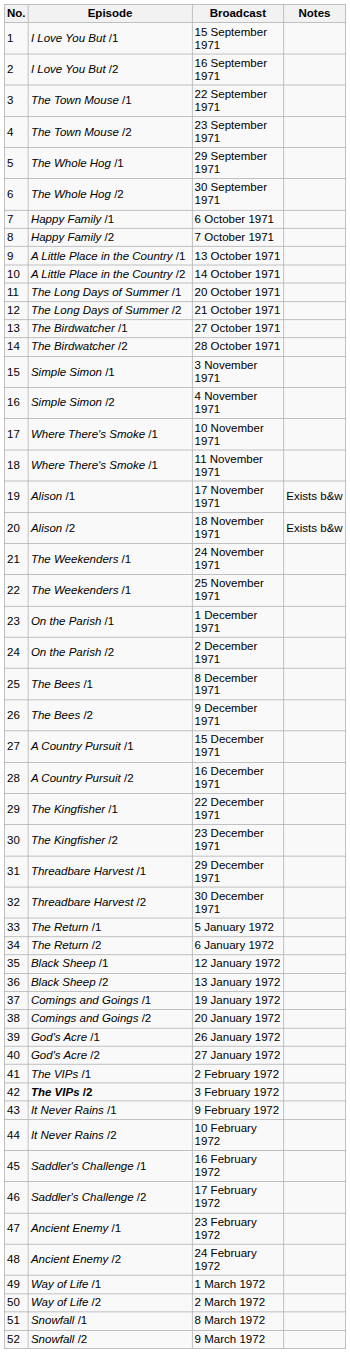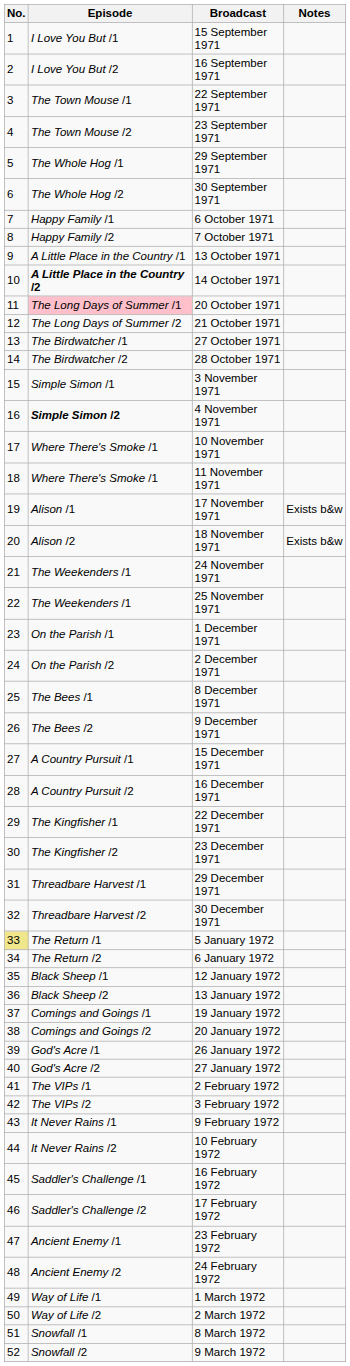 <table class="wikitable sortable">
 <tr>
 <th scope="col">No.</th>
 <th scope="col" style="width:220px;">Episode</th>
 <th scope="col" style="width:120px;">Broadcast</th>
 <th scope="col">Notes</th>
 </tr>
 <tr>
 <td>1</td>
 <td><em>I Love You But</em> /1</td>
 <td>15 September 1971</td>
 <td></td>
 </tr>
 <tr>
 <td>2</td>
 <td><em>I Love You But</em> /2</td>
 <td>16 September 1971</td>
 <td></td>
 </tr>
 <tr>
 <td>3</td>
 <td><em>The Town Mouse</em> /1</td>
 <td>22 September 1971</td>
 <td></td>
 </tr>
 <tr>
 <td>4</td>
 <td><em>The Town Mouse</em> /2</td>
 <td>23 September 1971</td>
 <td></td>
 </tr>
 <tr>
 <td>5</td>
 <td><em>The Whole Hog</em> /1</td>
 <td>29 September 1971</td>
 <td></td>
 </tr>
 <tr>
 <td>6</td>
 <td><em>The Whole Hog</em> /2</td>
 <td>30 September 1971</td>
 <td></td>
 </tr>
 <tr>
 <td>7</td>
 <td><em>Happy Family</em> /1</td>
 <td>6 October 1971</td>
 <td></td>
 </tr>
 <tr>
 <td>8</td>
 <td><em>Happy Family</em> /2</td>
 <td>7 October 1971</td>
 <td></td>
 </tr>
 <tr>
 <td>9</td>
 <td><em>A Little Place in the Country</em> /1</td>
 <td>13 October 1971</td>
 <td></td>
 </tr>
 <tr>
 <td>10</td>
-<td><em>A Little Place in the Country</em> /2</td>
+<td><strong><em>A Little Place in the Country</em> /2</strong></td>
 <td>14 October 1971</td>
 <td></td>
 </tr>
 <tr>
 <td>11</td>
-<td><em>The Long Days of Summer</em> /1</td>
+<td style="background: pink;"><em>The Long Days of Summer</em> /1</td>
 <td>20 October 1971</td>
 <td></td>
 </tr>
 <tr>
 <td>12</td>
 <td><em>The Long Days of Summer</em> /2</td>
 <td>21 October 1971</td>
 <td></td>
 </tr>
 <tr>
 <td>13</td>
 <td><em>The Birdwatcher</em> /1</td>
 <td>27 October 1971</td>
 <td></td>
 </tr>
 <tr>
 <td>14</td>
 <td><em>The Birdwatcher</em> /2</td>
 <td>28 October 1971</td>
 <td></td>
 </tr>
 <tr>
 <td>15</td>
 <td><em>Simple Simon</em> /1</td>
 <td>3 November 1971</td>
 <td></td>
 </tr>
 <tr>
 <td>16</td>
-<td><em>Simple Simon</em> /2</td>
+<td><strong><em>Simple Simon</em> /2</strong></td>
 <td>4 November 1971</td>
 <td></td>
 </tr>
 <tr>
 <td>17</td>
 <td><em>Where There's Smoke</em> /1</td>
 <td>10 November 1971</td>
 <td></td>
 </tr>
 <tr>
 <td>18</td>
 <td><em>Where There's Smoke</em> /1</td>
 <td>11 November 1971</td>
 <td></td>
 </tr>
 <tr>
 <td>19</td>
 <td><em>Alison</em> /1</td>
 <td>17 November 1971</td>
 <td>Exists b&w</td>
 </tr>
 <tr>
 <td>20</td>
 <td><em>Alison</em> /2</td>
 <td>18 November 1971</td>
 <td>Exists b&w</td>
 </tr>
 <tr>
 <td>21</td>
 <td><em>The Weekenders</em> /1</td>
 <td>24 November 1971</td>
 <td></td>
 </tr>
 <tr>
 <td>22</td>
 <td><em>The Weekenders</em> /1</td>
 <td>25 November 1971</td>
 <td></td>
 </tr>
 <tr>
 <td>23</td>
 <td><em>On the Parish</em> /1</td>
 <td>1 December 1971</td>
 <td></td>
 </tr>
 <tr>
 <td>24</td>
 <td><em>On the Parish</em> /2</td>
 <td>2 December 1971</td>
 <td></td>
 </tr>
 <tr>
 <td>25</td>
 <td><em>The Bees</em> /1</td>
 <td>8 December 1971</td>
 <td></td>
 </tr>
 <tr>
 <td>26</td>
 <td><em>The Bees</em> /2</td>
 <td>9 December 1971</td>
 <td></td>
 </tr>
 <tr>
 <td>27</td>
 <td><em>A Country Pursuit</em> /1</td>
 <td>15 December 1971</td>
 <td></td>
 </tr>
 <tr>
 <td>28</td>
 <td><em>A Country Pursuit</em> /2</td>
 <td>16 December 1971</td>
 <td></td>
 </tr>
 <tr>
 <td>29</td>
 <td><em>The Kingfisher</em> /1</td>
 <td>22  December 1971</td>
 <td></td>
 </tr>
 <tr>
 <td>30</td>
 <td><em>The Kingfisher</em> /2</td>
 <td>23 December 1971</td>
 <td></td>
 </tr>
 <tr>
 <td>31</td>
 <td><em>Threadbare Harvest</em> /1</td>
 <td>29 December 1971</td>
 <td></td>
 </tr>
 <tr>
 <td>32</td>
 <td><em>Threadbare Harvest</em> /2</td>
 <td>30 December 1971</td>
 <td></td>
 </tr>
 <tr>
-<td>33</td>
+<td style="background: khaki;">33</td>
 <td><em>The Return</em> /1</td>
 <td>5 January 1972</td>
 <td></td>
 </tr>
 <tr>
 <td>34</td>
 <td><em>The Return</em> /2</td>
 <td>6 January 1972</td>
 <td></td>
 </tr>
 <tr>
 <td>35</td>
 <td><em>Black Sheep</em> /1</td>
 <td>12 January 1972</td>
 <td></td>
 </tr>
 <tr>
 <td>36</td>
 <td><em>Black Sheep</em> /2</td>
 <td>13 January 1972</td>
 <td></td>
 </tr>
 <tr>
 <td>37</td>
 <td><em>Comings and Goings</em> /1</td>
 <td>19 January 1972</td>
 <td></td>
 </tr>
 <tr>
 <td>38</td>
 <td><em>Comings and Goings</em> /2</td>
 <td>20 January 1972</td>
 <td></td>
 </tr>
 <tr>
 <td>39</td>
 <td><em>God's Acre</em> /1</td>
 <td>26 January 1972</td>
 <td></td>
 </tr>
 <tr>
 <td>40</td>
 <td><em>God's Acre</em> /2</td>
 <td>27 January 1972</td>
 <td></td>
 </tr>
 <tr>
 <td>41</td>
 <td><em>The VIPs</em> /1</td>
 <td>2 February 1972</td>
 <td></td>
 </tr>
 <tr>
 <td>42</td>
-<td><strong><em>The VIPs</em> /2</strong></td>
+<td><em>The VIPs</em> /2</td>
 <td>3 February 1972</td>
 <td></td>
 </tr>
 <tr>
 <td>43</td>
 <td><em>It Never Rains</em> /1</td>
 <td>9 February 1972</td>
 <td></td>
 </tr>
 <tr>
 <td>44</td>
 <td><em>It Never Rains</em> /2</td>
 <td>10 February 1972</td>
 <td></td>
 </tr>
 <tr>
 <td>45</td>
 <td><em>Saddler's Challenge</em> /1</td>
 <td>16 February 1972</td>
 <td></td>
 </tr>
 <tr>
 <td>46</td>
 <td><em>Saddler's Challenge</em> /2</td>
 <td>17 February 1972</td>
 <td></td>
 </tr>
 <tr>
 <td>47</td>
 <td><em>Ancient Enemy</em> /1</td>
 <td>23 February 1972</td>
 <td></td>
 </tr>
 <tr>
 <td>48</td>
 <td><em>Ancient Enemy</em> /2</td>
 <td>24 February 1972</td>
 <td></td>
 </tr>
 <tr>
 <td>49</td>
 <td><em>Way of Life</em> /1</td>
 <td>1 March 1972</td>
 <td></td>
 </tr>
 <tr>
 <td>50</td>
 <td><em>Way of Life</em> /2</td>
 <td>2 March 1972</td>
 <td></td>
 </tr>
 <tr>
 <td>51</td>
 <td><em>Snowfall</em> /1</td>
 <td>8 March 1972</td>
 <td></td>
 </tr>
 <tr>
 <td>52</td>
 <td><em>Snowfall</em> /2</td>
 <td>9 March 1972</td>
 <td></td>
 </tr>
 </table>
